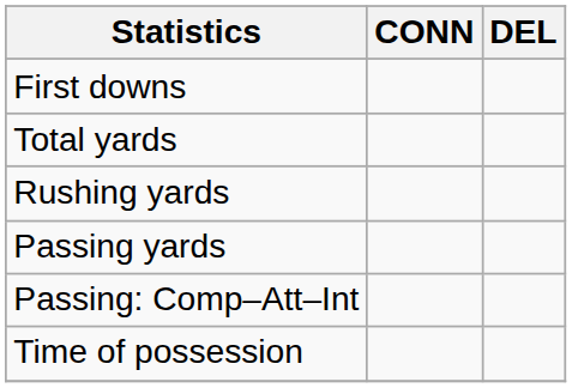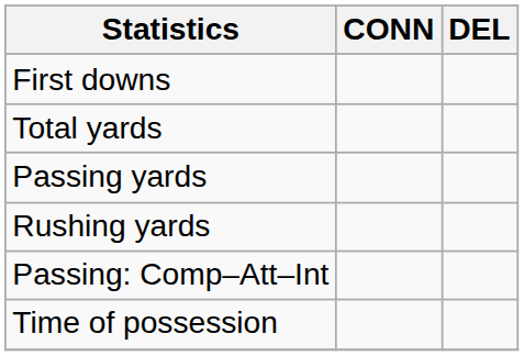 <table class="wikitable" style="float: left;">
 <tr>
 <th>Statistics</th>
 <th>CONN</th>
 <th>DEL</th>
 </tr>
 <tr>
 <td>First downs</td>
 <td></td>
 <td></td>
 </tr>
 <tr>
 <td>Total yards</td>
 <td></td>
 <td></td>
 </tr>
 <tr>
-<td>Rushing yards</td>
+<td>Passing yards</td>
 <td></td>
 <td></td>
 </tr>
 <tr>
-<td>Passing yards</td>
+<td>Rushing yards</td>
 <td></td>
 <td></td>
 </tr>
 <tr>
 <td>Passing: Comp–Att–Int</td>
 <td></td>
 <td></td>
 </tr>
 <tr>
 <td>Time of possession</td>
 <td></td>
 <td></td>
 </tr>
 <tr>
 </tr>
 </table>
